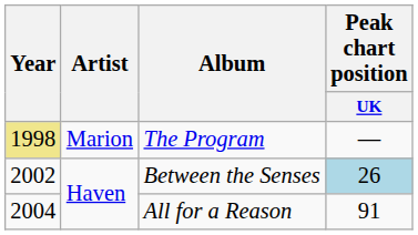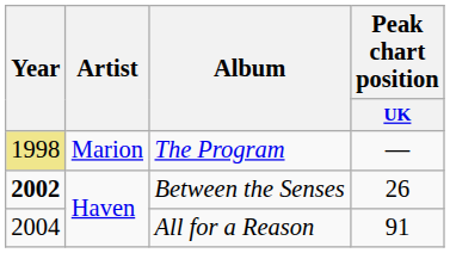 <table class="wikitable" style="text-align:left">
 <tr>
 <th rowspan="2">Year</th>
 <th rowspan="2">Artist</th>
 <th rowspan="2">Album</th>
 <th colspan="1">Peak chart position</th>
 </tr>
 <tr style="font-size:smaller;">
 <th scope="col" style="width:3em;font-size:90%;"><a href='#'>UK</a><br></th>
 </tr>
 <tr>
 <td style="background: khaki;">1998</td>
 <td><a href='#'>Marion</a></td>
 <td><em><a href='#'>The Program</a></em></td>
 <td style="text-align:center;">—</td>
 </tr>
 <tr>
-<td>2002</td>
+<td><strong>2002</strong></td>
 <td rowspan="2"><a href='#'>Haven</a></td>
 <td><em>Between the Senses</em></td>
-<td align=center style="background: lightblue;">26</td>
+<td align=center>26</td>
 </tr>
 <tr>
 <td>2004</td>
 <td><em>All for a Reason</em></td>
 <td align=center>91</td>
 </tr>
 </table>
